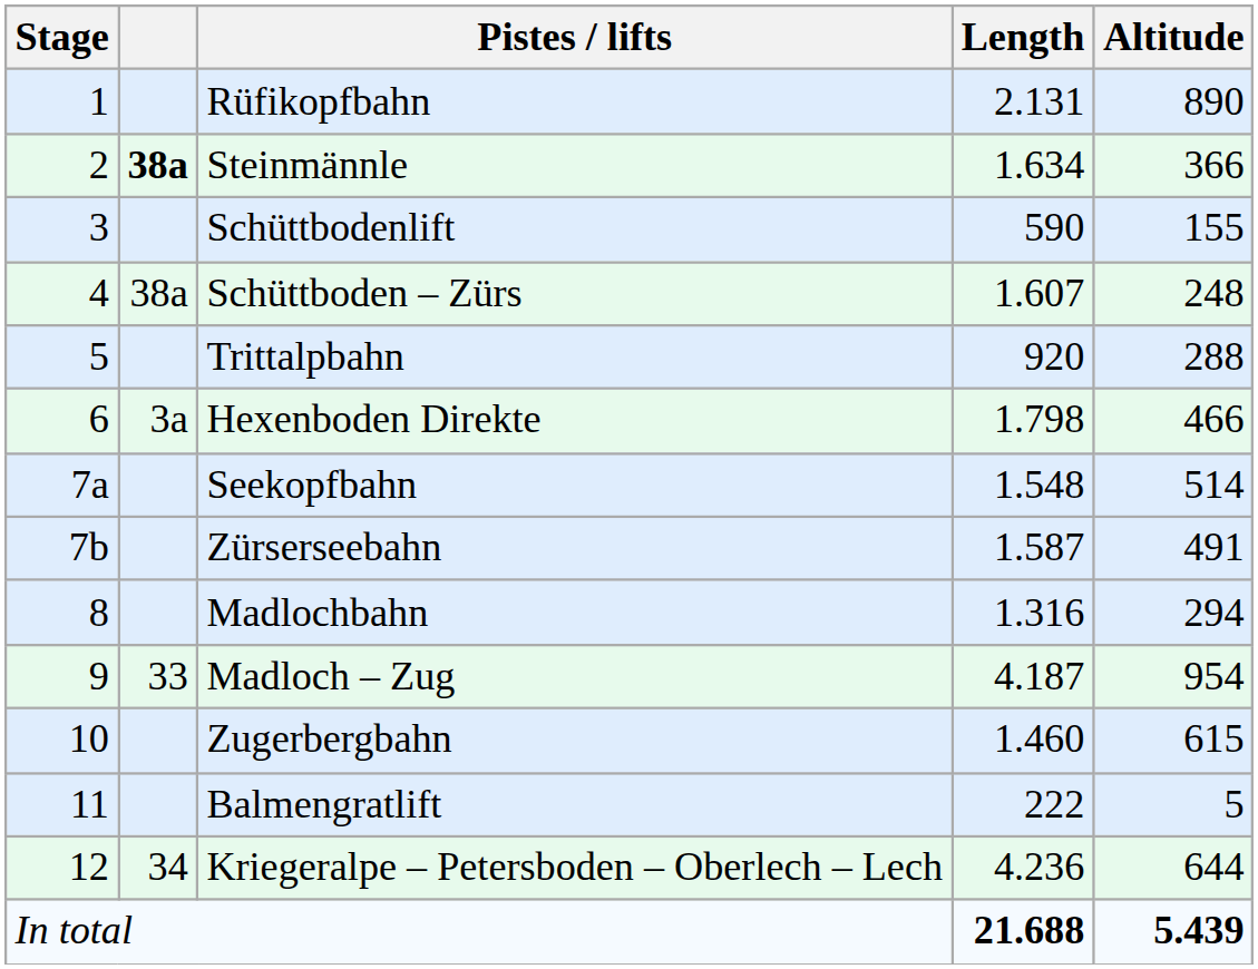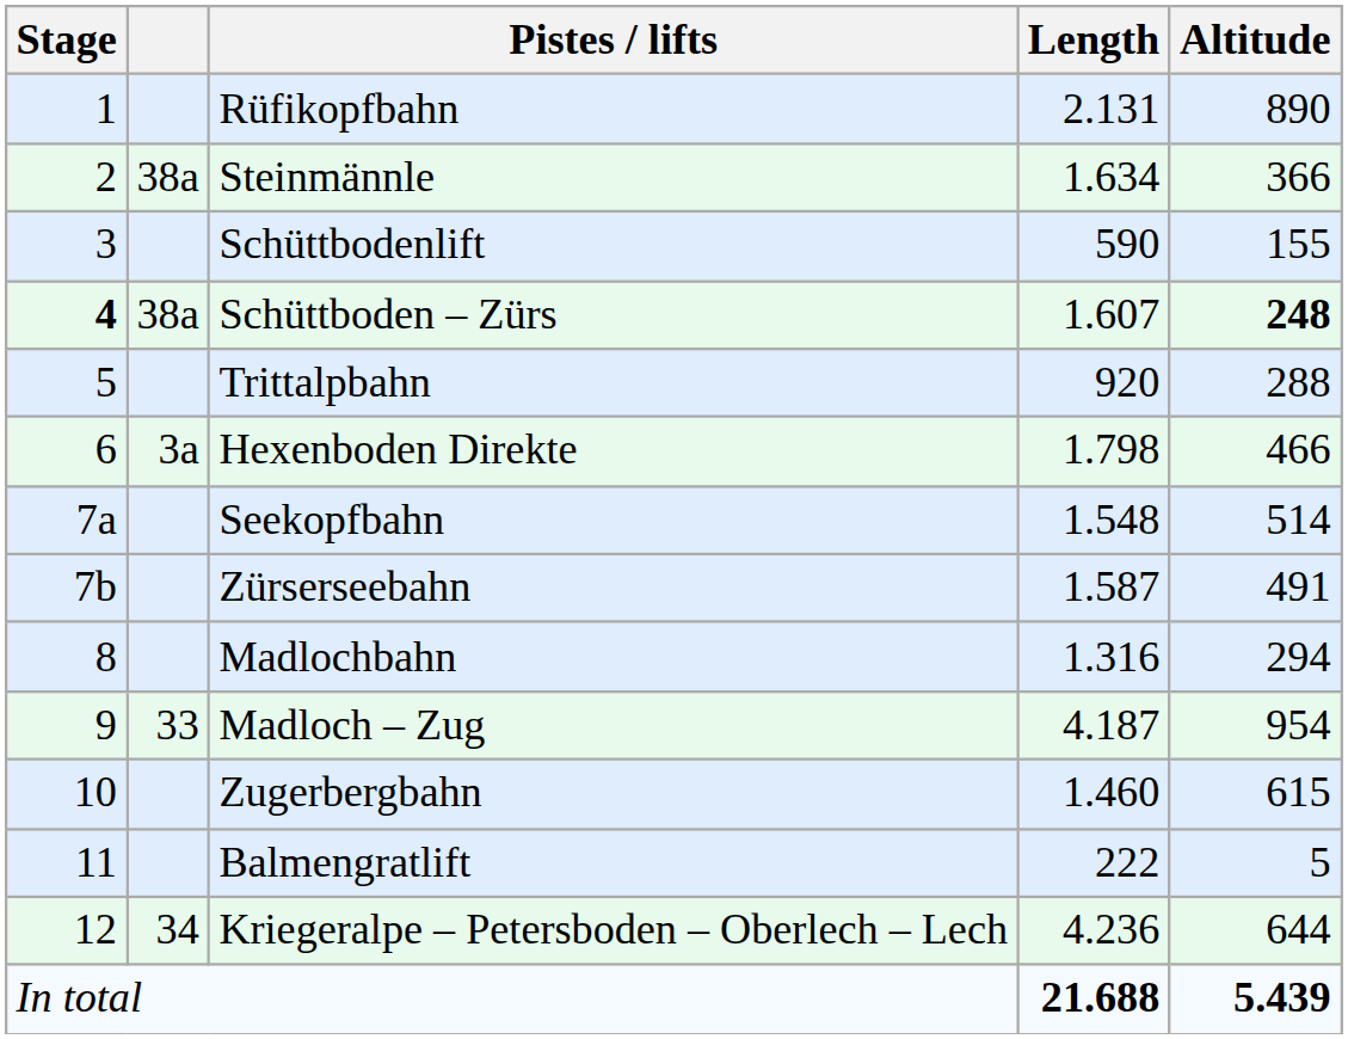 <table class="wikitable sortable">
 <tr>
 <th>Stage</th>
 <th class="unsortable"></th>
 <th class="unsortable">Pistes / lifts</th>
 <th>Length</th>
 <th>Altitude</th>
 </tr>
 <tr bgcolor="#DFEDFD">
 <td align="right">1</td>
 <td align="right"></td>
 <td align="left">Rüfikopfbahn</td>
 <td align="right">2.131</td>
 <td align="right">890</td>
 </tr>
 <tr bgcolor="#E7FAEC">
 <td align="right">2</td>
-<td align="right"><strong>38a</strong></td>
+<td align="right">38a</td>
 <td align="left">Steinmännle</td>
 <td align="right">1.634</td>
 <td align="right">366</td>
 </tr>
 <tr bgcolor="#DFEDFD">
 <td align="right">3</td>
 <td align="right"></td>
 <td align="left">Schüttbodenlift</td>
 <td align="right">590</td>
 <td align="right">155</td>
 </tr>
 <tr bgcolor="#E7FAEC">
-<td align="right">4</td>
+<td align="right"><strong>4</strong></td>
 <td align="right">38a</td>
 <td align="left">Schüttboden – Zürs</td>
 <td align="right">1.607</td>
-<td align="right">248</td>
+<td align="right"><strong>248</strong></td>
 </tr>
 <tr bgcolor="#DFEDFD">
 <td align="right">5</td>
 <td align="right"></td>
 <td align="left">Trittalpbahn</td>
 <td align="right">920</td>
 <td align="right">288</td>
 </tr>
 <tr bgcolor="#E7FAEC">
 <td align="right">6</td>
 <td align="right">3a</td>
 <td align="left">Hexenboden Direkte</td>
 <td align="right">1.798</td>
 <td align="right">466</td>
 </tr>
 <tr bgcolor="#DFEDFD">
 <td align="right">7a</td>
 <td align="right"></td>
 <td align="left">Seekopfbahn</td>
 <td align="right">1.548</td>
 <td align="right">514</td>
 </tr>
 <tr bgcolor="#DFEDFD">
 <td align="right">7b</td>
 <td align="right"></td>
 <td align="left">Zürserseebahn</td>
 <td align="right">1.587</td>
 <td align="right">491</td>
 </tr>
 <tr bgcolor="#DFEDFD">
 <td align="right">8</td>
 <td align="right"></td>
 <td align="left">Madlochbahn</td>
 <td align="right">1.316</td>
 <td align="right">294</td>
 </tr>
 <tr bgcolor="#E7FAEC">
 <td align="right">9</td>
 <td align="right">33</td>
 <td align="left">Madloch – Zug</td>
 <td align="right">4.187</td>
 <td align="right">954</td>
 </tr>
 <tr bgcolor="#DFEDFD">
 <td align="right">10</td>
 <td align="right"></td>
 <td align="left">Zugerbergbahn</td>
 <td align="right">1.460</td>
 <td align="right">615</td>
 </tr>
 <tr bgcolor="#DFEDFD">
 <td align="right">11</td>
 <td align="right"></td>
 <td align="left">Balmengratlift</td>
 <td align="right">222</td>
 <td align="right">5</td>
 </tr>
 <tr bgcolor="#E7FAEC">
 <td align="right">12</td>
 <td align="right">34</td>
 <td align="left">Kriegeralpe – Petersboden – Oberlech – Lech</td>
 <td align="right">4.236</td>
 <td align="right">644</td>
 </tr>
 <tr bgcolor="#F5FAFF">
 <td colspan="3" data-sort-value="999" align="left"><em>In total</em></td>
 <td align="right"><strong>21.688</strong></td>
 <td align="right"><strong>5.439</strong></td>
 </tr>
 </table>
